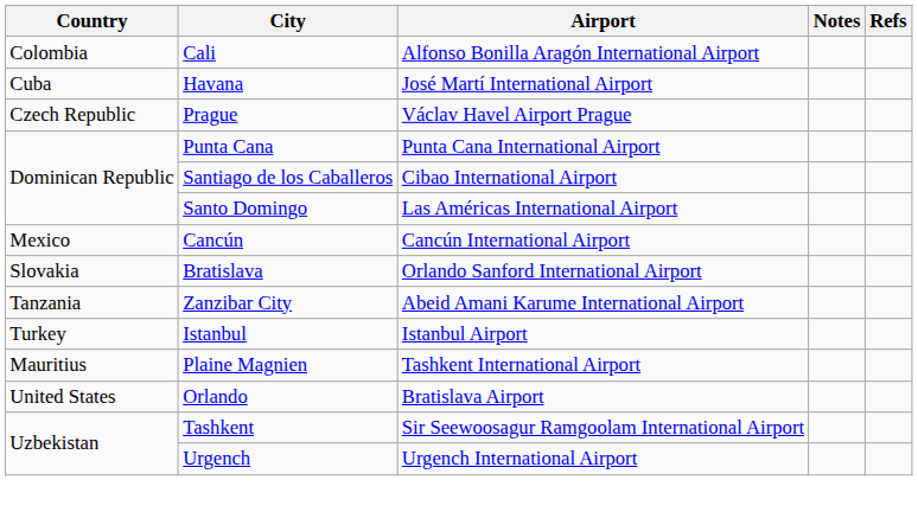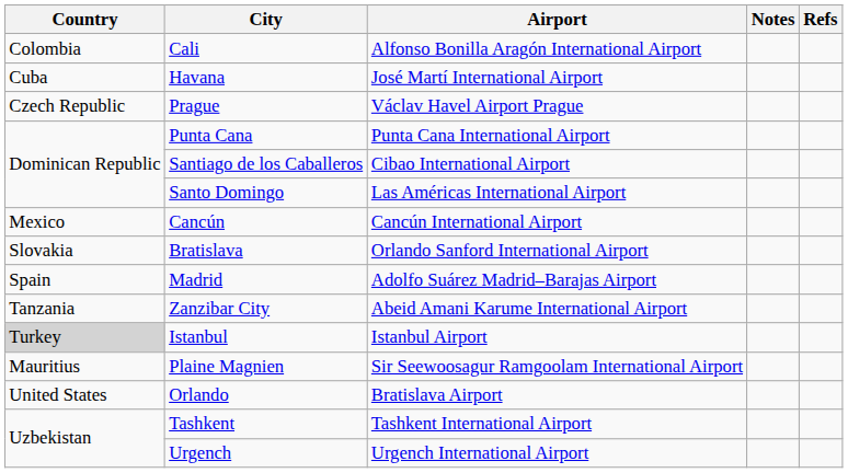 <table class="sortable wikitable">
 <tr>
 <th>Country</th>
 <th>City</th>
 <th>Airport</th>
 <th>Notes</th>
 <th class="unsortable">Refs</th>
 </tr>
 <tr>
 <td>Colombia</td>
 <td><a href='#'>Cali</a></td>
 <td><a href='#'>Alfonso Bonilla Aragón International Airport</a></td>
 <td></td>
 <td align=center></td>
 </tr>
 <tr>
 <td>Cuba</td>
 <td><a href='#'>Havana</a></td>
 <td><a href='#'>José Martí International Airport</a></td>
 <td align=center></td>
 <td align=center></td>
 </tr>
 <tr>
 <td>Czech Republic</td>
 <td><a href='#'>Prague</a></td>
 <td><a href='#'>Václav Havel Airport Prague</a></td>
 <td></td>
 <td align=center></td>
 </tr>
 <tr>
 <td rowspan="3">Dominican Republic</td>
 <td><a href='#'>Punta Cana</a></td>
 <td><a href='#'>Punta Cana International Airport</a></td>
 <td align=center></td>
 <td align=center></td>
 </tr>
 <tr>
 <td><a href='#'>Santiago de los Caballeros</a></td>
 <td><a href='#'>Cibao International Airport</a></td>
 <td align=center></td>
 <td align=center></td>
 </tr>
 <tr>
 <td><a href='#'>Santo Domingo</a></td>
 <td><a href='#'>Las Américas International Airport</a></td>
 <td align=center></td>
 <td align=center></td>
 </tr>
 <tr>
 <td>Mexico</td>
 <td><a href='#'>Cancún</a></td>
 <td><a href='#'>Cancún International Airport</a></td>
 <td align=center></td>
 <td align=center></td>
 </tr>
 <tr>
 <td>Slovakia</td>
 <td><a href='#'>Bratislava</a></td>
 <td><a href='#'>Orlando Sanford International Airport</a></td>
 <td></td>
 <td align=center></td>
 </tr>
 <tr>
+<td>Spain</td>
+<td><a href='#'>Madrid</a></td>
+<td><a href='#'>Adolfo Suárez Madrid–Barajas Airport</a></td>
+<td></td>
+<td align=center></td>
+</tr>
+<tr>
 <td>Tanzania</td>
 <td><a href='#'>Zanzibar City</a></td>
 <td><a href='#'>Abeid Amani Karume International Airport</a></td>
 <td></td>
 <td align=center></td>
 </tr>
 <tr>
-<td>Turkey</td>
+<td style="background: lightgrey;">Turkey</td>
 <td><a href='#'>Istanbul</a></td>
 <td><a href='#'>Istanbul Airport</a></td>
 <td></td>
 <td align=center></td>
 </tr>
 <tr>
 <td>Mauritius</td>
 <td><a href='#'>Plaine Magnien</a></td>
-<td><a href='#'>Tashkent International Airport</a></td>
+<td><a href='#'>Sir Seewoosagur Ramgoolam International Airport</a></td>
 <td></td>
 <td></td>
 </tr>
 <tr>
 <td>United States</td>
 <td><a href='#'>Orlando</a></td>
 <td><a href='#'>Bratislava Airport</a></td>
 <td></td>
 <td align=center></td>
 </tr>
 <tr>
 <td rowspan=2>Uzbekistan</td>
 <td><a href='#'>Tashkent</a></td>
-<td><a href='#'>Sir Seewoosagur Ramgoolam International Airport</a></td>
+<td><a href='#'>Tashkent International Airport</a></td>
 <td></td>
 <td align=center></td>
 </tr>
 <tr>
 <td><a href='#'>Urgench</a></td>
 <td><a href='#'>Urgench International Airport</a></td>
 <td align=center></td>
 <td align=center></td>
 </tr>
 </table>
